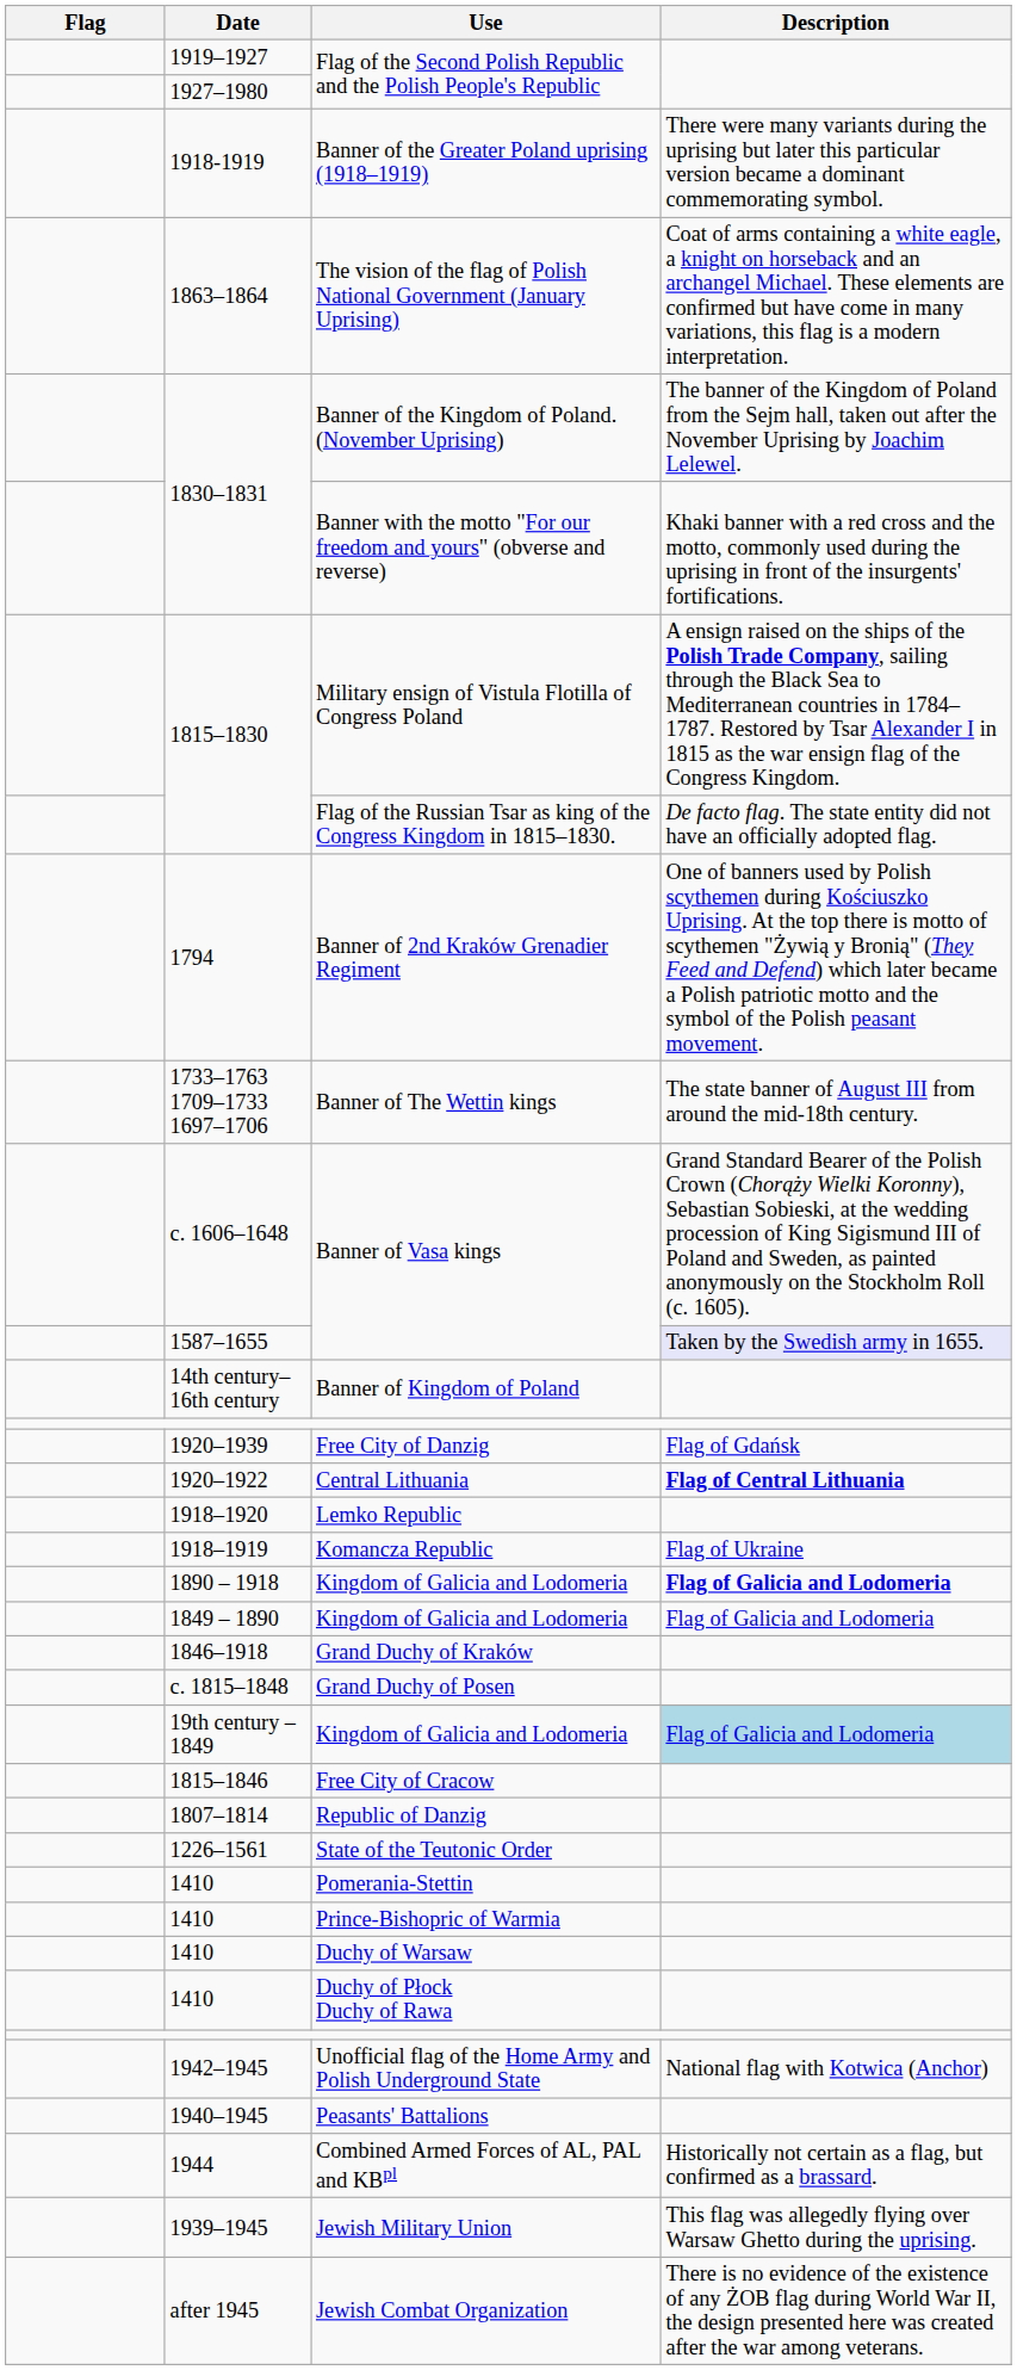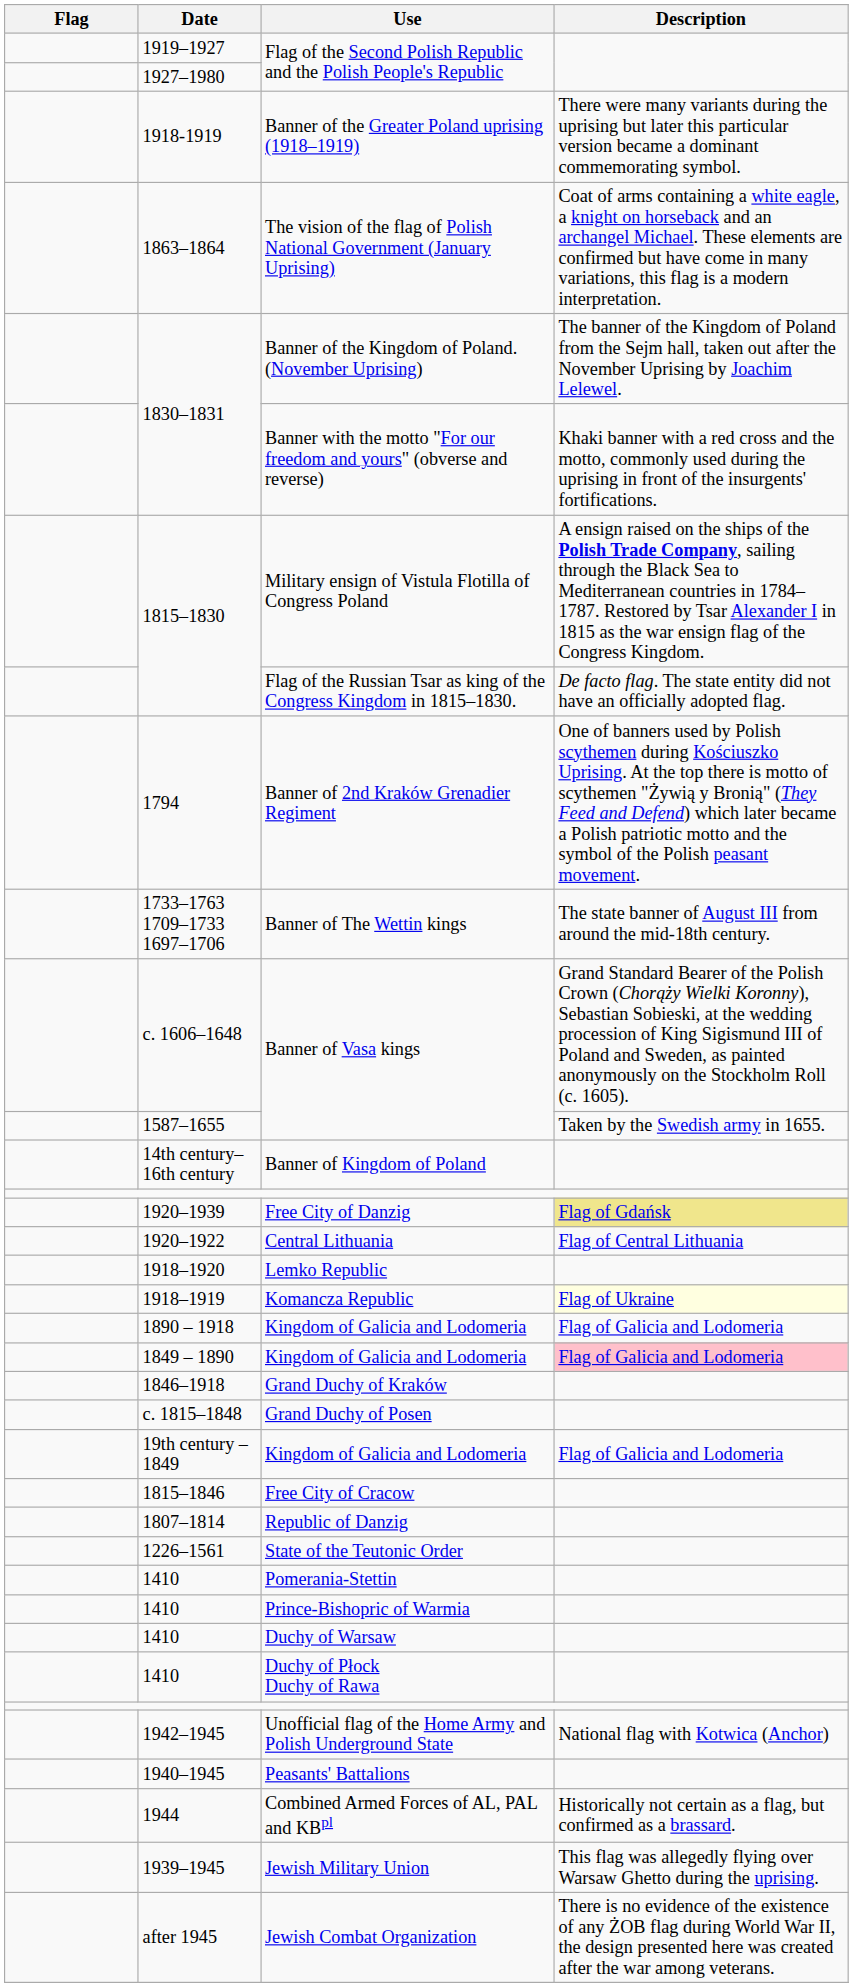 <table class="wikitable">
 <tr>
 <th width="110">Flag</th>
 <th width="100">Date</th>
 <th width="250">Use</th>
 <th width="250">Description</th>
 </tr>
 <tr>
 <td></td>
 <td>1919–1927</td>
 <td rowspan="2">Flag of the <a href='#'>Second Polish Republic</a> and the <a href='#'>Polish People's Republic</a></td>
 <td rowspan="2"></td>
 </tr>
 <tr>
 <td></td>
 <td>1927–1980</td>
 </tr>
 <tr>
 <td></td>
 <td>1918-1919</td>
 <td>Banner of the <a href='#'>Greater Poland uprising (1918–1919)</a></td>
 <td>There were many variants during the uprising but later this particular version became a dominant commemorating symbol.</td>
 </tr>
 <tr>
 <td><br></td>
 <td>1863–1864</td>
 <td>The vision of the flag of <a href='#'>Polish National Government (January Uprising)</a></td>
 <td> Coat of arms containing a <a href='#'>white eagle</a>, a <a href='#'>knight on horseback</a> and an <a href='#'>archangel Michael</a>. These elements are confirmed but have come in many variations, this flag is a modern interpretation.</td>
 </tr>
 <tr>
 <td></td>
 <td rowspan="2">1830–1831</td>
 <td>Banner of the Kingdom of Poland. (<a href='#'>November Uprising</a>)</td>
 <td>The banner of the Kingdom of Poland from the Sejm hall, taken out after the November Uprising by <a href='#'>Joachim Lelewel</a>.</td>
 </tr>
 <tr>
 <td></td>
 <td>Banner with the motto "<a href='#'>For our freedom and yours</a>" (obverse and reverse)</td>
 <td><br>Khaki banner with a red cross and the motto, commonly used during the uprising in front of the insurgents' fortifications.</td>
 </tr>
 <tr>
 <td></td>
 <td rowspan="2">1815–1830</td>
 <td>Military ensign of Vistula Flotilla of Congress Poland</td>
 <td>A ensign raised on the ships of the <a href='#'><strong>Polish Trade Company</strong></a>, sailing through the Black Sea to Mediterranean countries in 1784–1787. Restored by Tsar <a href='#'>Alexander I</a> in 1815 as the war ensign flag of the Congress Kingdom.</td>
 </tr>
 <tr>
 <td></td>
 <td>Flag of the Russian Tsar as king of the <a href='#'>Congress Kingdom</a> in 1815–1830.</td>
 <td><em>De facto flag</em>. The state entity did not have an officially adopted flag.</td>
 </tr>
 <tr>
 <td></td>
 <td>1794</td>
 <td>Banner of <a href='#'>2nd Kraków Grenadier Regiment</a></td>
 <td>One of banners used by Polish <a href='#'>scythemen</a> during <a href='#'>Kościuszko Uprising</a>. At the top there is motto of scythemen "Żywią y Bronią" (<em><a href='#'>They Feed and Defend</a></em>) which later became a Polish patriotic motto and the symbol of the Polish <a href='#'>peasant movement</a>.</td>
 </tr>
 <tr>
 <td></td>
 <td>1733–1763<br>1709–1733<br>1697–1706</td>
 <td>Banner of The <a href='#'>Wettin</a> kings</td>
 <td>The state banner of <a href='#'>August III</a>  from around the mid-18th century.</td>
 </tr>
 <tr>
 <td></td>
 <td>c. 1606–1648</td>
 <td rowspan="2">Banner of <a href='#'>Vasa</a> kings</td>
 <td>                            Grand Standard Bearer of the Polish Crown (<em>Chorąży Wielki Koronny</em>), Sebastian Sobieski, at the wedding procession of King Sigismund III of Poland and Sweden, as painted anonymously on the Stockholm Roll (c. 1605).</td>
 </tr>
 <tr>
 <td></td>
 <td>1587–1655</td>
-<td style="background: lavender;">Taken by the <a href='#'>Swedish army</a> in 1655.</td>
+<td>Taken by the <a href='#'>Swedish army</a> in 1655.</td>
 </tr>
 <tr>
 <td></td>
 <td>14th century–16th century</td>
 <td>Banner of <a href='#'>Kingdom of Poland</a></td>
 <td></td>
 </tr>
 <tr>
 <td colspan="4"></td>
 </tr>
 <tr>
 <td></td>
 <td>1920–1939</td>
 <td><a href='#'>Free City of Danzig</a></td>
-<td><a href='#'>Flag of Gdańsk</a></td>
+<td style="background: khaki;"><a href='#'>Flag of Gdańsk</a></td>
 </tr>
 <tr>
 <td></td>
 <td>1920–1922</td>
 <td><a href='#'>Central Lithuania</a></td>
-<td><strong><a href='#'>Flag of Central Lithuania</a></strong></td>
+<td><a href='#'>Flag of Central Lithuania</a></td>
 </tr>
 <tr>
 <td></td>
 <td>1918–1920</td>
 <td><a href='#'>Lemko Republic</a></td>
 <td></td>
 </tr>
 <tr>
 <td></td>
 <td>1918–1919</td>
 <td><a href='#'>Komancza Republic</a></td>
-<td><a href='#'>Flag of Ukraine</a></td>
+<td style="background: lightyellow;"><a href='#'>Flag of Ukraine</a></td>
 </tr>
 <tr>
 <td></td>
 <td>1890 – 1918</td>
 <td><a href='#'>Kingdom of Galicia and Lodomeria</a></td>
-<td><strong><a href='#'>Flag of Galicia and Lodomeria</a></strong></td>
+<td><a href='#'>Flag of Galicia and Lodomeria</a></td>
 </tr>
 <tr>
 <td></td>
 <td>1849 – 1890</td>
 <td><a href='#'>Kingdom of Galicia and Lodomeria</a></td>
-<td><a href='#'>Flag of Galicia and Lodomeria</a></td>
+<td style="background: pink;"><a href='#'>Flag of Galicia and Lodomeria</a></td>
 </tr>
 <tr>
 <td></td>
 <td>1846–1918</td>
 <td><a href='#'>Grand Duchy of Kraków</a></td>
 <td></td>
 </tr>
 <tr>
 <td></td>
 <td>c. 1815–1848</td>
 <td><a href='#'>Grand Duchy of Posen</a></td>
 <td></td>
 </tr>
 <tr>
 <td></td>
 <td>19th century – 1849</td>
 <td><a href='#'>Kingdom of Galicia and Lodomeria</a></td>
-<td style="background: lightblue;"><a href='#'>Flag of Galicia and Lodomeria</a></td>
+<td><a href='#'>Flag of Galicia and Lodomeria</a></td>
 </tr>
 <tr>
 <td></td>
 <td>1815–1846</td>
 <td><a href='#'>Free City of Cracow</a></td>
 <td></td>
 </tr>
 <tr>
 <td></td>
 <td>1807–1814</td>
 <td><a href='#'>Republic of Danzig</a></td>
 <td></td>
 </tr>
 <tr>
 <td></td>
 <td>1226–1561</td>
 <td><a href='#'>State of the Teutonic Order</a></td>
 <td></td>
 </tr>
 <tr>
 <td></td>
 <td>1410</td>
 <td><a href='#'>Pomerania-Stettin</a></td>
 <td></td>
 </tr>
 <tr>
 <td></td>
 <td>1410</td>
 <td><a href='#'>Prince-Bishopric of Warmia</a></td>
 <td></td>
 </tr>
 <tr>
 <td></td>
 <td>1410</td>
 <td><a href='#'>Duchy of Warsaw</a></td>
 <td></td>
 </tr>
 <tr>
 <td></td>
 <td>1410</td>
 <td><a href='#'>Duchy of Płock</a><br><a href='#'>Duchy of Rawa</a></td>
 <td></td>
 </tr>
 <tr>
 <td colspan="4"></td>
 </tr>
 <tr>
 <td></td>
 <td>1942–1945</td>
 <td>Unofficial flag of the <a href='#'>Home Army</a> and <a href='#'>Polish Underground State</a></td>
 <td>National flag with <a href='#'>Kotwica</a> (<a href='#'>Anchor</a>)</td>
 </tr>
 <tr>
 <td></td>
 <td>1940–1945</td>
 <td><a href='#'>Peasants' Battalions</a></td>
 <td></td>
 </tr>
 <tr>
 <td></td>
 <td>1944</td>
 <td>Combined Armed Forces of AL, PAL and KB<sup><a href='#'>pl</a></sup></td>
 <td>Historically not certain as a flag, but confirmed as a <a href='#'>brassard</a>.</td>
 </tr>
 <tr>
 <td></td>
 <td>1939–1945</td>
 <td><a href='#'>Jewish Military Union</a></td>
 <td>This flag was allegedly flying over Warsaw Ghetto during the <a href='#'>uprising</a>.</td>
 </tr>
 <tr>
 <td></td>
 <td>after 1945</td>
 <td><a href='#'>Jewish Combat Organization</a></td>
 <td>There is no evidence of the existence of any ŻOB flag during World War II, the design presented here was created after the war among veterans.</td>
 </tr>
 <tr>
 </tr>
 </table>
